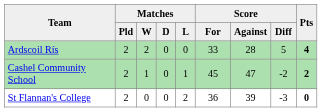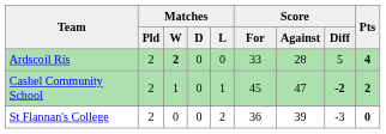 <table style=border-collapse:collapse border=1 cellspacing=0 cellpadding=5>
 <tr align=center bgcolor=#efefef>
 <th rowspan=2 width=165>Team</th>
 <th colspan=4>Matches</th>
 <th colspan=3>Score</th>
 <th rowspan=2width=20>Pts</th>
 </tr>
 <tr align=center bgcolor=#efefef>
 <th width=20>Pld</th>
 <th width=20>W</th>
 <th width=20>D</th>
 <th width=20>L</th>
 <th width=45>For</th>
 <th width=45>Against</th>
 <th width=30>Diff</th>
 </tr>
 <tr align=center style="background:#ACE1AF;">
 <td style="text-align:left;"><a href='#'>Ardscoil Rís</a></td>
 <td>2</td>
-<td>2</td>
+<td><strong>2</strong></td>
 <td>0</td>
 <td>0</td>
 <td>33</td>
 <td>28</td>
 <td>5</td>
 <td><strong>4</strong></td>
 </tr>
 <tr align=center style="background:#ACE1AF;">
 <td style="text-align:left;"><a href='#'>Cashel Community School</a></td>
 <td>2</td>
 <td>1</td>
 <td>0</td>
 <td>1</td>
 <td>45</td>
 <td>47</td>
-<td>-2</td>
+<td><strong>-2</strong></td>
 <td><strong>2</strong></td>
 </tr>
 <tr align=center>
 <td style="text-align:left;"><a href='#'>St Flannan's College</a></td>
 <td>2</td>
 <td>0</td>
 <td>0</td>
 <td>2</td>
 <td>36</td>
 <td>39</td>
 <td>-3</td>
 <td><strong>0</strong></td>
 </tr>
 </table>
